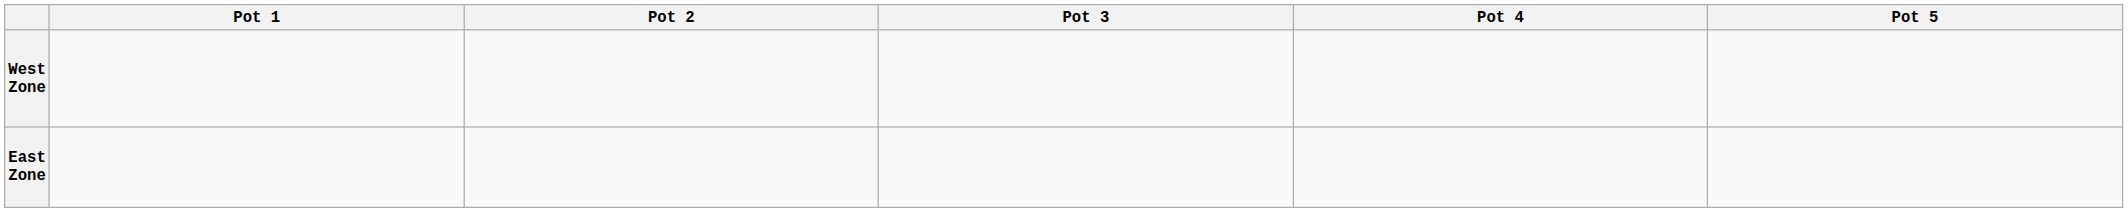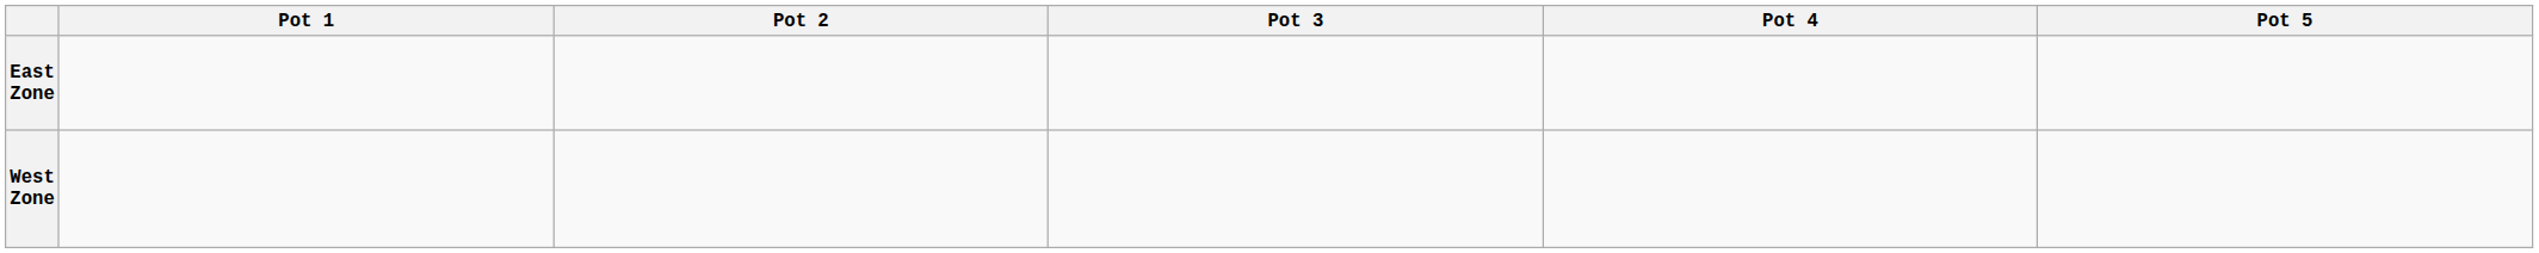 <table class="wikitable" style="width:89%;">
 <tr>
 <th></th>
 <th width=20%>Pot 1</th>
 <th width=20%>Pot 2</th>
 <th width=20%>Pot 3</th>
 <th width=20%>Pot 4</th>
 <th width=20%>Pot 5</th>
 </tr>
 <tr>
+<th>East Zone<br></th>
+<td valign=top><br><br> <br> <br> </td>
+<td valign=top><br><br> <br> <br> </td>
+<td valign=top><br><br> <br> <br> </td>
+<td valign=top><br><br> <br> </td>
+<td valign=top><br> <br> </td>
+</tr>
+<tr>
 <th>West Zone<br></th>
 <td valign=top><br><br> <br> <br> <br> </td>
 <td valign=top><br><br> <br> <br> <br> </td>
 <td valign=top><br><br> <br> <br> <br> </td>
 <td valign=top><br><br> <br> <br> <br> </td>
 <td valign=top><br><br> </td>
 </tr>
-<tr>
-<th>East Zone<br></th>
-<td valign=top><br><br> <br> <br> </td>
-<td valign=top><br><br> <br> <br> </td>
-<td valign=top><br><br> <br> <br> </td>
-<td valign=top><br><br> <br> </td>
-<td valign=top><br> <br> </td>
-</tr>
 </table>
